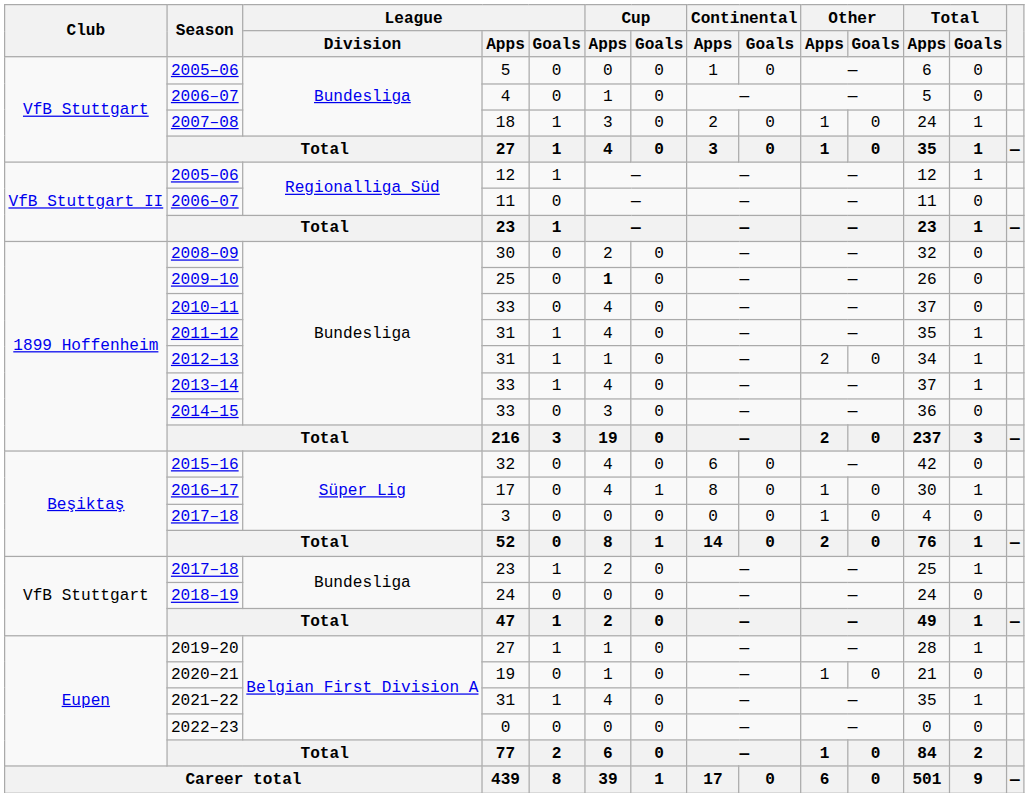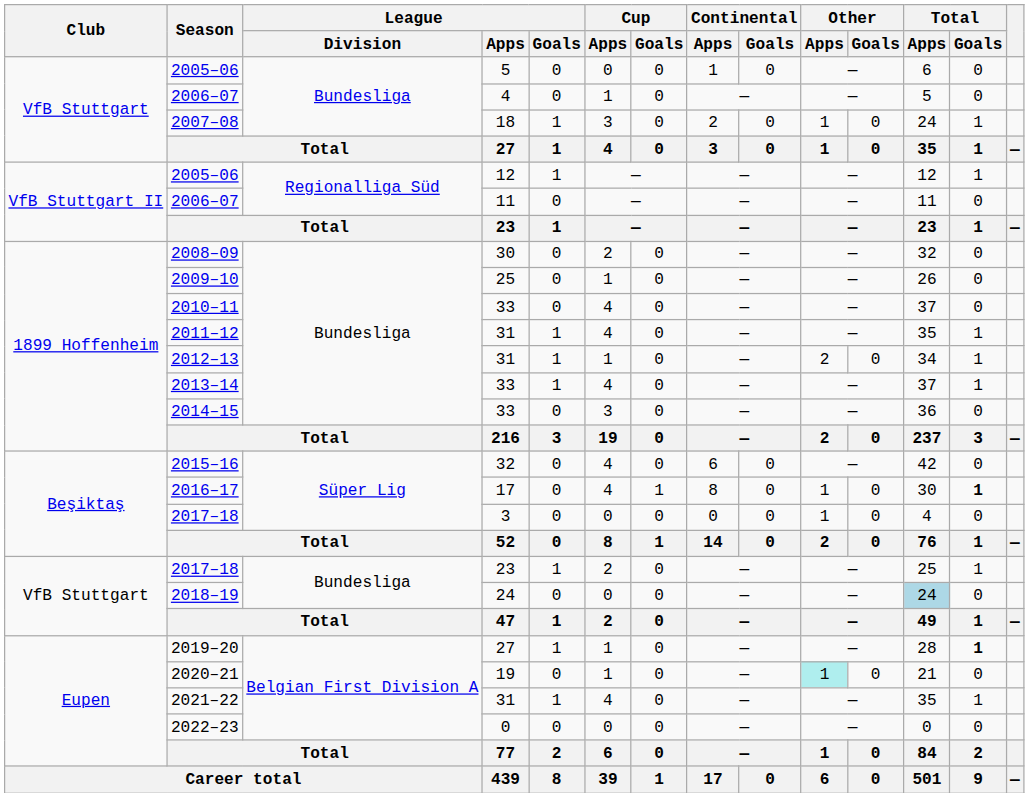 <table class="wikitable" style="text-align:center">
 <tr>
 <th rowspan="2">Club</th>
 <th rowspan="2">Season</th>
 <th colspan="3">League</th>
 <th colspan="2">Cup</th>
 <th colspan="2">Continental</th>
 <th colspan="2">Other</th>
 <th colspan="2">Total</th>
 <th rowspan="2"></th>
 </tr>
 <tr>
 <th>Division</th>
 <th>Apps</th>
 <th>Goals</th>
 <th>Apps</th>
 <th>Goals</th>
 <th>Apps</th>
 <th>Goals</th>
 <th>Apps</th>
 <th>Goals</th>
 <th>Apps</th>
 <th>Goals</th>
 </tr>
 <tr>
 <td rowspan="4"><a href='#'>VfB Stuttgart</a></td>
 <td><a href='#'>2005–06</a></td>
 <td rowspan="3"><a href='#'>Bundesliga</a></td>
 <td>5</td>
 <td>0</td>
 <td>0</td>
 <td>0</td>
 <td>1</td>
 <td>0</td>
 <td colspan="2">—</td>
 <td>6</td>
 <td>0</td>
 <td></td>
 </tr>
 <tr>
 <td><a href='#'>2006–07</a></td>
 <td>4</td>
 <td>0</td>
 <td>1</td>
 <td>0</td>
 <td colspan="2">—</td>
 <td colspan="2">—</td>
 <td>5</td>
 <td>0</td>
 <td></td>
 </tr>
 <tr>
 <td><a href='#'>2007–08</a></td>
 <td>18</td>
 <td>1</td>
 <td>3</td>
 <td>0</td>
 <td>2</td>
 <td>0</td>
 <td>1</td>
 <td>0</td>
 <td>24</td>
 <td>1</td>
 <td></td>
 </tr>
 <tr>
 <th colspan="2">Total</th>
 <th>27</th>
 <th>1</th>
 <th>4</th>
 <th>0</th>
 <th>3</th>
 <th>0</th>
 <th>1</th>
 <th>0</th>
 <th>35</th>
 <th>1</th>
 <th>—</th>
 </tr>
 <tr>
 <td rowspan="3"><a href='#'>VfB Stuttgart II</a></td>
 <td><a href='#'>2005–06</a></td>
 <td rowspan="2"><a href='#'>Regionalliga Süd</a></td>
 <td>12</td>
 <td>1</td>
 <td colspan="2">—</td>
 <td colspan="2">—</td>
 <td colspan="2">—</td>
 <td>12</td>
 <td>1</td>
 <td></td>
 </tr>
 <tr>
 <td><a href='#'>2006–07</a></td>
 <td>11</td>
 <td>0</td>
 <td colspan="2">—</td>
 <td colspan="2">—</td>
 <td colspan="2">—</td>
 <td>11</td>
 <td>0</td>
 <td></td>
 </tr>
 <tr>
 <th colspan="2">Total</th>
 <th>23</th>
 <th>1</th>
 <th colspan="2">—</th>
 <th colspan="2">—</th>
 <th colspan="2">—</th>
 <th>23</th>
 <th>1</th>
 <th>—</th>
 </tr>
 <tr>
 <td rowspan="8"><a href='#'>1899 Hoffenheim</a></td>
 <td><a href='#'>2008–09</a></td>
 <td rowspan="7">Bundesliga</td>
 <td>30</td>
 <td>0</td>
 <td>2</td>
 <td>0</td>
 <td colspan="2">—</td>
 <td colspan="2">—</td>
 <td>32</td>
 <td>0</td>
 <td></td>
 </tr>
 <tr>
 <td><a href='#'>2009–10</a></td>
 <td>25</td>
 <td>0</td>
-<td><strong>1</strong></td>
+<td>1</td>
 <td>0</td>
 <td colspan="2">—</td>
 <td colspan="2">—</td>
 <td>26</td>
 <td>0</td>
 <td></td>
 </tr>
 <tr>
 <td><a href='#'>2010–11</a></td>
 <td>33</td>
 <td>0</td>
 <td>4</td>
 <td>0</td>
 <td colspan="2">—</td>
 <td colspan="2">—</td>
 <td>37</td>
 <td>0</td>
 <td></td>
 </tr>
 <tr>
 <td><a href='#'>2011–12</a></td>
 <td>31</td>
 <td>1</td>
 <td>4</td>
 <td>0</td>
 <td colspan="2">—</td>
 <td colspan="2">—</td>
 <td>35</td>
 <td>1</td>
 <td></td>
 </tr>
 <tr>
 <td><a href='#'>2012–13</a></td>
 <td>31</td>
 <td>1</td>
 <td>1</td>
 <td>0</td>
 <td colspan="2">—</td>
 <td>2</td>
 <td>0</td>
 <td>34</td>
 <td>1</td>
 <td></td>
 </tr>
 <tr>
 <td><a href='#'>2013–14</a></td>
 <td>33</td>
 <td>1</td>
 <td>4</td>
 <td>0</td>
 <td colspan="2">—</td>
 <td colspan="2">—</td>
 <td>37</td>
 <td>1</td>
 <td></td>
 </tr>
 <tr>
 <td><a href='#'>2014–15</a></td>
 <td>33</td>
 <td>0</td>
 <td>3</td>
 <td>0</td>
 <td colspan="2">—</td>
 <td colspan="2">—</td>
 <td>36</td>
 <td>0</td>
 <td></td>
 </tr>
 <tr>
 <th colspan="2">Total</th>
 <th>216</th>
 <th>3</th>
 <th>19</th>
 <th>0</th>
 <th colspan="2">—</th>
 <th>2</th>
 <th>0</th>
 <th>237</th>
 <th>3</th>
 <th>—</th>
 </tr>
 <tr>
 <td rowspan="4"><a href='#'>Beşiktaş</a></td>
 <td><a href='#'>2015–16</a></td>
 <td rowspan="3"><a href='#'>Süper Lig</a></td>
 <td>32</td>
 <td>0</td>
 <td>4</td>
 <td>0</td>
 <td>6</td>
 <td>0</td>
 <td colspan="2">—</td>
 <td>42</td>
 <td>0</td>
 <td></td>
 </tr>
 <tr>
 <td><a href='#'>2016–17</a></td>
 <td>17</td>
 <td>0</td>
 <td>4</td>
 <td>1</td>
 <td>8</td>
 <td>0</td>
 <td>1</td>
 <td>0</td>
 <td>30</td>
-<td>1</td>
+<td><strong>1</strong></td>
 <td></td>
 </tr>
 <tr>
 <td><a href='#'>2017–18</a></td>
 <td>3</td>
 <td>0</td>
 <td>0</td>
 <td>0</td>
 <td>0</td>
 <td>0</td>
 <td>1</td>
 <td>0</td>
 <td>4</td>
 <td>0</td>
 <td></td>
 </tr>
 <tr>
 <th colspan="2">Total</th>
 <th>52</th>
 <th>0</th>
 <th>8</th>
 <th>1</th>
 <th>14</th>
 <th>0</th>
 <th>2</th>
 <th>0</th>
 <th>76</th>
 <th>1</th>
 <th>—</th>
 </tr>
 <tr>
 <td rowspan="3">VfB Stuttgart</td>
 <td><a href='#'>2017–18</a></td>
 <td rowspan="2">Bundesliga</td>
 <td>23</td>
 <td>1</td>
 <td>2</td>
 <td>0</td>
 <td colspan="2">—</td>
 <td colspan="2">—</td>
 <td>25</td>
 <td>1</td>
 <td></td>
 </tr>
 <tr>
 <td><a href='#'>2018–19</a></td>
 <td>24</td>
 <td>0</td>
 <td>0</td>
 <td>0</td>
 <td colspan="2">—</td>
 <td colspan="2">—</td>
-<td>24</td>
+<td style="background: lightblue;">24</td>
 <td>0</td>
 <td></td>
 </tr>
 <tr>
 <th colspan="2">Total</th>
 <th>47</th>
 <th>1</th>
 <th>2</th>
 <th>0</th>
 <th colspan="2">—</th>
 <th colspan="2">—</th>
 <th>49</th>
 <th>1</th>
 <th>—</th>
 </tr>
 <tr>
 <td rowspan="5"><a href='#'>Eupen</a></td>
 <td>2019–20</td>
 <td rowspan="4"><a href='#'>Belgian First Division A</a></td>
 <td>27</td>
 <td>1</td>
 <td>1</td>
 <td>0</td>
 <td colspan="2">—</td>
 <td colspan="2">—</td>
 <td>28</td>
-<td>1</td>
+<td><strong>1</strong></td>
 <td></td>
 </tr>
 <tr>
 <td>2020–21</td>
 <td>19</td>
 <td>0</td>
 <td>1</td>
 <td>0</td>
 <td colspan="2">—</td>
-<td>1</td>
+<td style="background: paleturquoise;">1</td>
 <td>0</td>
 <td>21</td>
 <td>0</td>
 <td></td>
 </tr>
 <tr>
 <td>2021–22</td>
 <td>31</td>
 <td>1</td>
 <td>4</td>
 <td>0</td>
 <td colspan="2">—</td>
 <td colspan="2">—</td>
 <td>35</td>
 <td>1</td>
 <td></td>
 </tr>
 <tr>
 <td>2022–23</td>
 <td>0</td>
 <td>0</td>
 <td>0</td>
 <td>0</td>
 <td colspan="2">—</td>
 <td colspan="2">—</td>
 <td>0</td>
 <td>0</td>
 <td></td>
 </tr>
 <tr>
 <th colspan="2">Total</th>
 <th>77</th>
 <th>2</th>
 <th>6</th>
 <th>0</th>
 <th colspan="2">—</th>
 <th>1</th>
 <th>0</th>
 <th>84</th>
 <th>2</th>
 <th></th>
 </tr>
 <tr>
 <th colspan="3">Career total</th>
 <th>439</th>
 <th>8</th>
 <th>39</th>
 <th>1</th>
 <th>17</th>
 <th>0</th>
 <th>6</th>
 <th>0</th>
 <th>501</th>
 <th>9</th>
 <th>—</th>
 </tr>
 </table>
